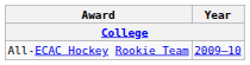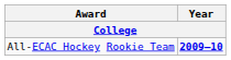 <table class="wikitable">
 <tr>
 <th>Award</th>
 <th>Year</th>
 </tr>
 <tr>
 <th colspan="3"><a href='#'>College</a></th>
 </tr>
 <tr>
 <td>All-<a href='#'>ECAC Hockey</a> <a href='#'>Rookie Team</a></td>
-<td><a href='#'>2009–10</a></td>
+<td><strong><a href='#'>2009–10</a></strong></td>
 </tr>
 </table>
